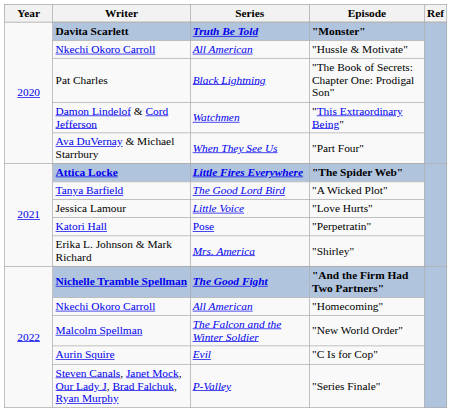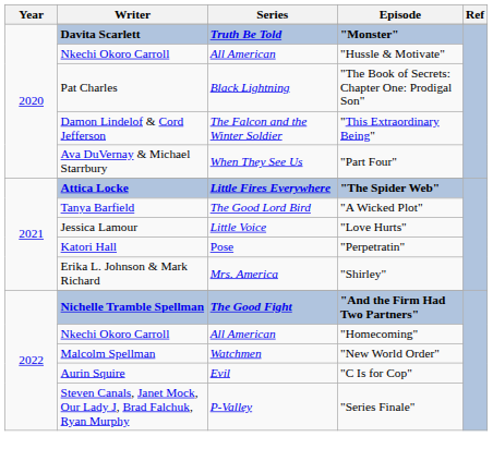 <table class="wikitable" style="width:100%;">
 <tr style="background:#bebebe;">
 <th style="width:11%;">Year</th>
 <th style="width:31%;">Writer</th>
 <th style="width:27%;">Series</th>
 <th style="width:26%;">Episode</th>
 <th style="width:5%;">Ref</th>
 </tr>
 <tr>
 <td rowspan="6" align="center"><a href='#'>2020</a></td>
 </tr>
 <tr style="background:#B0C4DE">
 <td><strong>Davita Scarlett</strong></td>
 <td><strong><em><a href='#'>Truth Be Told</a></em></strong></td>
 <td><strong>"Monster"</strong></td>
 <td rowspan="6" align="center"></td>
 </tr>
 <tr>
 <td><a href='#'>Nkechi Okoro Carroll</a></td>
 <td><em><a href='#'>All American</a></em></td>
 <td>"Hussle & Motivate"</td>
 </tr>
 <tr>
 <td>Pat Charles</td>
 <td><em><a href='#'>Black Lightning</a></em></td>
 <td>"The Book of Secrets: Chapter One: Prodigal Son"</td>
 </tr>
 <tr>
 <td><a href='#'>Damon Lindelof</a> & <a href='#'>Cord Jefferson</a></td>
-<td><em><a href='#'>Watchmen</a></em></td>
+<td><em><a href='#'>The Falcon and the Winter Soldier</a></em></td>
 <td>"<a href='#'>This Extraordinary Being</a>"</td>
 </tr>
 <tr>
 <td><a href='#'>Ava DuVernay</a> & Michael Starrbury</td>
 <td><em><a href='#'>When They See Us</a></em></td>
 <td>"Part Four"</td>
 </tr>
 <tr>
 <td rowspan="6" align="center"><a href='#'>2021</a></td>
 </tr>
 <tr style="background:#B0C4DE">
 <td><strong><a href='#'>Attica Locke</a></strong></td>
 <td><strong><em><a href='#'>Little Fires Everywhere</a></em></strong></td>
 <td><strong>"The Spider Web"</strong></td>
 <td rowspan="6" align="center"></td>
 </tr>
 <tr>
 <td><a href='#'>Tanya Barfield</a></td>
 <td><em><a href='#'>The Good Lord Bird</a></em></td>
 <td>"A Wicked Plot"</td>
 </tr>
 <tr>
 <td>Jessica Lamour</td>
 <td><em><a href='#'>Little Voice</a></em></td>
 <td>"Love Hurts"</td>
 </tr>
 <tr>
 <td><a href='#'>Katori Hall</a></td>
 <td><em><a href='#'></em>Pose<em></a></em></td>
 <td>"Perpetratin"</td>
 </tr>
 <tr>
 <td>Erika L. Johnson & Mark Richard</td>
 <td><em><a href='#'>Mrs. America</a></em></td>
 <td>"Shirley"</td>
 </tr>
 <tr>
 <td rowspan="6" align="center"><a href='#'>2022</a></td>
 </tr>
 <tr style="background:#B0C4DE">
 <td><strong><a href='#'>Nichelle Tramble Spellman</a></strong></td>
 <td><strong><em><a href='#'>The Good Fight</a></em></strong></td>
 <td><strong>"And the Firm Had Two Partners"</strong></td>
 <td rowspan="6" align="center"></td>
 </tr>
 <tr>
 <td><a href='#'>Nkechi Okoro Carroll</a></td>
 <td><em><a href='#'>All American</a></em></td>
 <td>"Homecoming"</td>
 </tr>
 <tr>
 <td><a href='#'>Malcolm Spellman</a></td>
-<td><em><a href='#'>The Falcon and the Winter Soldier</a></em></td>
+<td><em><a href='#'>Watchmen</a></em></td>
 <td>"New World Order"</td>
 </tr>
 <tr>
 <td><a href='#'>Aurin Squire</a></td>
 <td><em><a href='#'>Evil</a></em></td>
 <td>"C Is for Cop"</td>
 </tr>
 <tr>
 <td><a href='#'>Steven Canals</a>, <a href='#'>Janet Mock</a>, <a href='#'>Our Lady J</a>, <a href='#'>Brad Falchuk</a>, <a href='#'>Ryan Murphy</a></td>
 <td><em><a href='#'>P-Valley</a></em></td>
 <td>"Series Finale"</td>
 </tr>
 </table>
